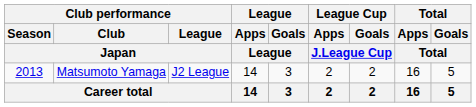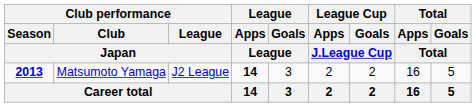 <table class="wikitable" style="text-align:center">
 <tr>
 <th colspan="3">Club performance</th>
 <th colspan="2">League</th>
 <th colspan="2">League Cup</th>
 <th colspan="2">Total</th>
 </tr>
 <tr>
 <th>Season</th>
 <th>Club</th>
 <th>League</th>
 <th>Apps</th>
 <th>Goals</th>
 <th>Apps</th>
 <th>Goals</th>
 <th>Apps</th>
 <th>Goals</th>
 </tr>
 <tr>
 <th colspan="3">Japan</th>
 <th colspan="2">League</th>
 <th colspan="2"><a href='#'>J.League Cup</a></th>
 <th colspan="2">Total</th>
 </tr>
 <tr>
-<td><a href='#'>2013</a></td>
+<td><strong><a href='#'>2013</a></strong></td>
 <td><a href='#'>Matsumoto Yamaga</a></td>
 <td><a href='#'>J2 League</a></td>
-<td>14</td>
+<td><strong>14</strong></td>
 <td>3</td>
 <td>2</td>
 <td>2</td>
 <td>16</td>
 <td>5</td>
 </tr>
 <tr>
 <th colspan=3>Career total</th>
 <th>14</th>
 <th>3</th>
 <th>2</th>
 <th>2</th>
 <th>16</th>
 <th>5</th>
 </tr>
 </table>
